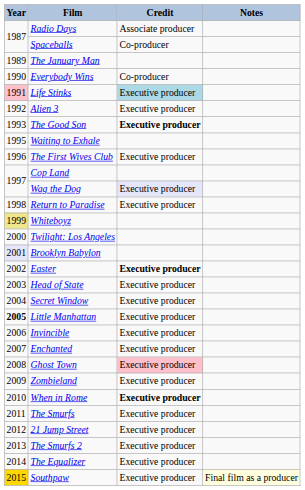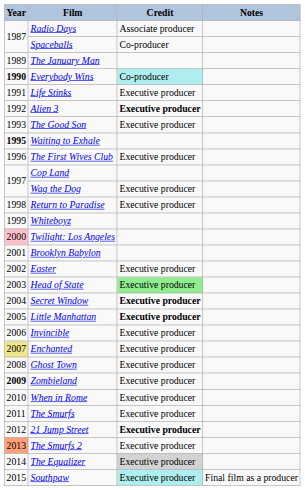 <table class="wikitable" style="font-size:95%;">
 <tr>
 <th style="background:#B0C4DE;">Year</th>
 <th style="background:#B0C4DE;">Film</th>
 <th style="background:#B0C4DE;">Credit</th>
 <th style="background:#B0C4DE;">Notes</th>
 </tr>
 <tr>
 <td rowspan=2>1987</td>
 <td><em><a href='#'>Radio Days</a></em></td>
 <td>Associate producer</td>
 <td></td>
 </tr>
 <tr>
 <td><em><a href='#'>Spaceballs</a></em></td>
 <td>Co-producer</td>
 <td></td>
 </tr>
 <tr>
 <td>1989</td>
 <td><em><a href='#'>The January Man</a></em></td>
 <td></td>
 <td></td>
 </tr>
 <tr>
-<td>1990</td>
+<td><strong>1990</strong></td>
 <td><em><a href='#'>Everybody Wins</a></em></td>
-<td>Co-producer</td>
+<td style="background: paleturquoise;">Co-producer</td>
 <td></td>
 </tr>
 <tr>
-<td style="background: pink;">1991</td>
+<td>1991</td>
 <td><em><a href='#'>Life Stinks</a></em></td>
-<td style="background: lightblue;">Executive producer</td>
+<td>Executive producer</td>
 <td></td>
 </tr>
 <tr>
 <td>1992</td>
 <td><em><a href='#'>Alien 3</a></em></td>
-<td>Executive producer</td>
+<td><strong>Executive producer</strong></td>
 <td></td>
 </tr>
 <tr>
 <td>1993</td>
 <td><em><a href='#'>The Good Son</a></em></td>
-<td><strong>Executive producer</strong></td>
+<td>Executive producer</td>
 <td></td>
 </tr>
 <tr>
-<td>1995</td>
+<td><strong>1995</strong></td>
 <td><em><a href='#'>Waiting to Exhale</a></em></td>
 <td></td>
 <td></td>
 </tr>
 <tr>
 <td>1996</td>
 <td><em><a href='#'>The First Wives Club</a></em></td>
 <td>Executive producer</td>
 <td></td>
 </tr>
 <tr>
 <td rowspan=2>1997</td>
 <td><em><a href='#'>Cop Land</a></em></td>
 <td></td>
 <td></td>
 </tr>
 <tr>
 <td><em><a href='#'>Wag the Dog</a></em></td>
-<td style="background: lavender;">Executive producer</td>
+<td>Executive producer</td>
 <td></td>
 </tr>
 <tr>
 <td>1998</td>
 <td><em><a href='#'>Return to Paradise</a></em></td>
 <td>Executive producer</td>
 <td></td>
 </tr>
 <tr>
-<td style="background: khaki;">1999</td>
+<td>1999</td>
 <td><em><a href='#'>Whiteboyz</a></em></td>
 <td></td>
 <td></td>
 </tr>
 <tr>
-<td>2000</td>
+<td style="background: pink;">2000</td>
 <td><em><a href='#'>Twilight: Los Angeles</a></em></td>
 <td></td>
 <td></td>
 </tr>
 <tr>
-<td style="background: lavender;">2001</td>
+<td>2001</td>
 <td><em><a href='#'>Brooklyn Babylon</a></em></td>
 <td></td>
 <td></td>
 </tr>
 <tr>
 <td>2002</td>
 <td><em><a href='#'>Easter</a></em></td>
-<td><strong>Executive producer</strong></td>
+<td>Executive producer</td>
 <td></td>
 </tr>
 <tr>
 <td>2003</td>
 <td><em><a href='#'>Head of State</a></em></td>
-<td>Executive producer</td>
+<td style="background: lightgreen;">Executive producer</td>
 <td></td>
 </tr>
 <tr>
 <td>2004</td>
 <td><em><a href='#'>Secret Window</a></em></td>
-<td>Executive producer</td>
+<td><strong>Executive producer</strong></td>
 <td></td>
 </tr>
 <tr>
-<td><strong>2005</strong></td>
+<td>2005</td>
 <td><em><a href='#'>Little Manhattan</a></em></td>
-<td>Executive producer</td>
+<td><strong>Executive producer</strong></td>
 <td></td>
 </tr>
 <tr>
 <td>2006</td>
 <td><em><a href='#'>Invincible</a></em></td>
 <td>Executive producer</td>
 <td></td>
 </tr>
 <tr>
-<td>2007</td>
+<td style="background: khaki;">2007</td>
 <td><em><a href='#'>Enchanted</a></em></td>
 <td>Executive producer</td>
 <td></td>
 </tr>
 <tr>
 <td>2008</td>
 <td><em><a href='#'>Ghost Town</a></em></td>
-<td style="background: pink;">Executive producer</td>
+<td>Executive producer</td>
 <td></td>
 </tr>
 <tr>
-<td>2009</td>
+<td><strong>2009</strong></td>
 <td><em><a href='#'>Zombieland</a></em></td>
 <td>Executive producer</td>
 <td></td>
 </tr>
 <tr>
 <td>2010</td>
 <td><em><a href='#'>When in Rome</a></em></td>
-<td><strong>Executive producer</strong></td>
+<td>Executive producer</td>
 <td></td>
 </tr>
 <tr>
 <td>2011</td>
 <td><em><a href='#'>The Smurfs</a></em></td>
 <td>Executive producer</td>
 <td></td>
 </tr>
 <tr>
 <td>2012</td>
 <td><em><a href='#'>21 Jump Street</a></em></td>
-<td>Executive producer</td>
+<td><strong>Executive producer</strong></td>
 <td></td>
 </tr>
 <tr>
-<td>2013</td>
+<td style="background: lightsalmon;">2013</td>
 <td><em><a href='#'>The Smurfs 2</a></em></td>
 <td>Executive producer</td>
 <td></td>
 </tr>
 <tr>
 <td>2014</td>
 <td><em><a href='#'>The Equalizer</a></em></td>
-<td>Executive producer</td>
+<td style="background: lightgrey;">Executive producer</td>
 <td></td>
 </tr>
 <tr>
-<td style="background: gold;">2015</td>
+<td>2015</td>
 <td><em><a href='#'>Southpaw</a></em></td>
-<td>Executive producer</td>
-<td style="background: lightyellow;">Final film as a producer</td>
+<td style="background: paleturquoise;">Executive producer</td>
+<td>Final film as a producer</td>
 </tr>
 </table>
